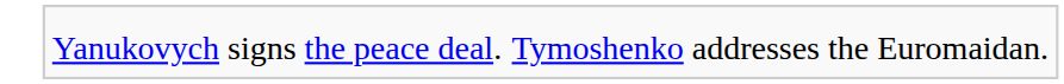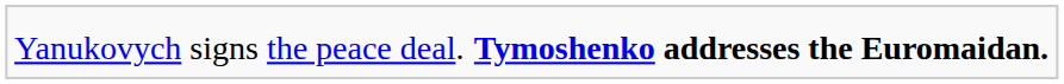 <table style="float:right; clear:right; margin:10px; border:1px #ccc solid; background:#f9f9f9;">
 <tr>
 <td align="center"></td>
 <td align="center"></td>
 </tr>
 <tr>
 <td align="center"><small><a href='#'>Yanukovych</a> signs <a href='#'>the peace deal</a>.</small></td>
-<td align="center"><small><a href='#'>Tymoshenko</a> addresses the Euromaidan.</small></td>
+<td align="center"><strong><small><a href='#'>Tymoshenko</a> addresses the Euromaidan.</small></strong></td>
 </tr>
 </table>
